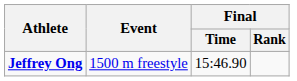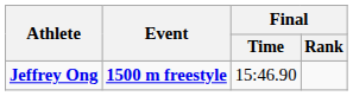 <table class=wikitable style="font-size:90%">
 <tr>
 <th rowspan=2>Athlete</th>
 <th rowspan=2>Event</th>
 <th colspan="2">Final</th>
 </tr>
 <tr style="font-size:95%">
 <th>Time</th>
 <th>Rank</th>
 </tr>
 <tr align=center>
 <td align=left><strong><a href='#'>Jeffrey Ong</a></strong></td>
-<td align=left><a href='#'>1500 m freestyle</a></td>
+<td align=left><strong><a href='#'>1500 m freestyle</a></strong></td>
 <td>15:46.90</td>
 <td></td>
 </tr>
 </table>
